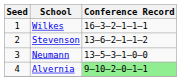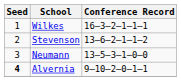 <table class="wikitable">
 <tr>
 <th>Seed</th>
 <th>School</th>
 <th>Conference Record</th>
 </tr>
 <tr>
 <td align=center>1</td>
 <td><a href='#'>Wilkes</a></td>
 <td>16–3–2–1–1–1</td>
 </tr>
 <tr>
 <td align=center>2</td>
 <td><a href='#'>Stevenson</a></td>
 <td>13–6–2–1–1–2</td>
 </tr>
 <tr>
 <td align=center>3</td>
 <td><a href='#'>Neumann</a></td>
 <td>13–5–3–1–0–0</td>
 </tr>
 <tr>
-<td align=center>4</td>
+<td align=center><strong>4</strong></td>
 <td><a href='#'>Alvernia</a></td>
-<td style="background: lightgreen;">9–10–2–0–1–1</td>
+<td>9–10–2–0–1–1</td>
 </tr>
 <tr>
 </tr>
 </table>
